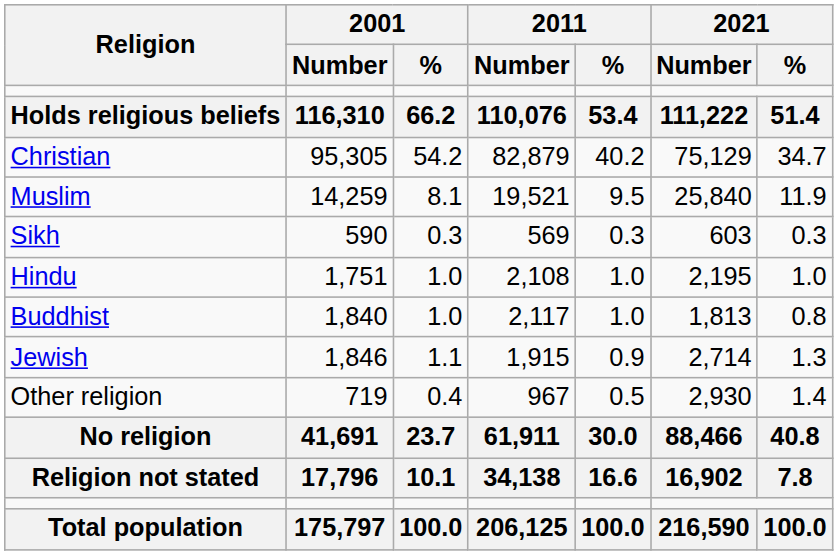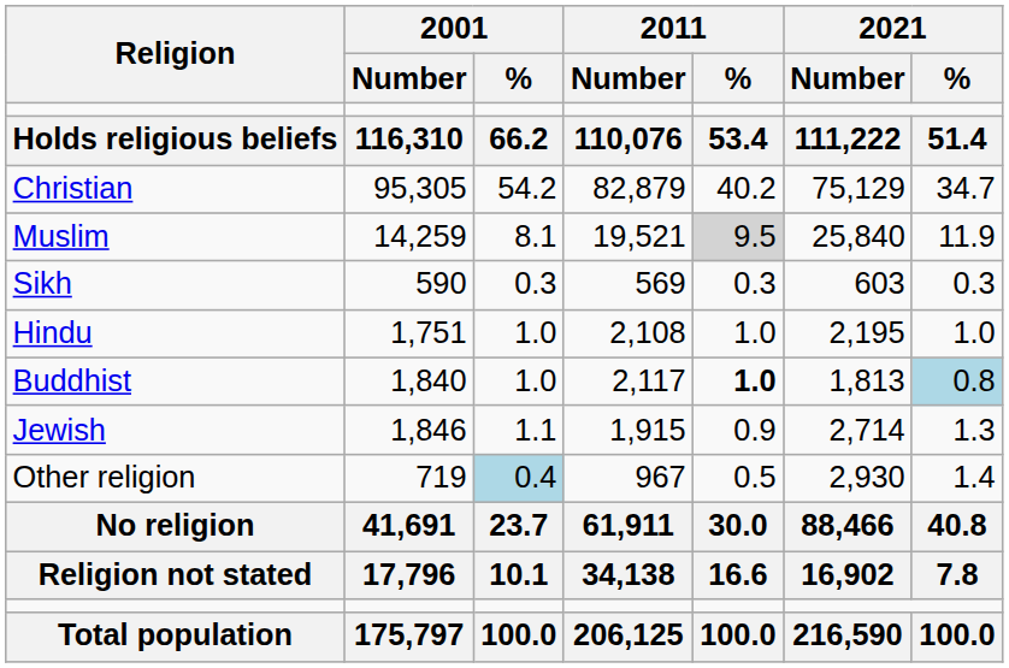 <table class="wikitable sortable mw-collapsible">
 <tr>
 <th rowspan="2">Religion</th>
 <th colspan="2">2001</th>
 <th colspan="2">2011</th>
 <th colspan="2">2021</th>
 </tr>
 <tr>
 <th>Number</th>
 <th>%</th>
 <th>Number</th>
 <th>%</th>
 <th>Number</th>
 <th>%</th>
 </tr>
 <tr>
 <td></td>
 <td></td>
 <td></td>
 <td></td>
 <td></td>
 </tr>
 <tr>
 <th>Holds religious beliefs</th>
 <th>116,310</th>
 <th>66.2</th>
 <th>110,076</th>
 <th>53.4</th>
 <th>111,222</th>
 <th>51.4</th>
 </tr>
 <tr>
 <td><a href='#'>Christian</a></td>
 <td align="right">95,305</td>
 <td align="right">54.2</td>
 <td align="right">82,879</td>
 <td align="right">40.2</td>
 <td align="right">75,129</td>
 <td align="right">34.7</td>
 </tr>
 <tr>
 <td><a href='#'>Muslim</a></td>
 <td align="right">14,259</td>
 <td align="right">8.1</td>
 <td align="right">19,521</td>
-<td align="right">9.5</td>
+<td align="right" style="background: lightgrey;">9.5</td>
 <td align="right">25,840</td>
 <td align="right">11.9</td>
 </tr>
 <tr>
 <td><a href='#'>Sikh</a></td>
 <td align="right">590</td>
 <td align="right">0.3</td>
 <td align="right">569</td>
 <td align="right">0.3</td>
 <td align="right">603</td>
 <td align="right">0.3</td>
 </tr>
 <tr>
 <td><a href='#'>Hindu</a></td>
 <td align="right">1,751</td>
 <td align="right">1.0</td>
 <td align="right">2,108</td>
 <td align="right">1.0</td>
 <td align="right">2,195</td>
 <td align="right">1.0</td>
 </tr>
 <tr>
 <td><a href='#'>Buddhist</a></td>
 <td align="right">1,840</td>
 <td align="right">1.0</td>
 <td align="right">2,117</td>
-<td align="right">1.0</td>
+<td align="right"><strong>1.0</strong></td>
 <td align="right">1,813</td>
-<td align="right">0.8</td>
+<td align="right" style="background: lightblue;">0.8</td>
 </tr>
 <tr>
 <td><a href='#'>Jewish</a></td>
 <td align="right">1,846</td>
 <td align="right">1.1</td>
 <td align="right">1,915</td>
 <td align="right">0.9</td>
 <td align="right">2,714</td>
 <td align="right">1.3</td>
 </tr>
 <tr>
 <td>Other religion</td>
 <td align="right">719</td>
-<td align="right">0.4</td>
+<td align="right" style="background: lightblue;">0.4</td>
 <td align="right">967</td>
 <td align="right">0.5</td>
 <td align="right">2,930</td>
 <td align="right">1.4</td>
 </tr>
 <tr>
 <th>No religion</th>
 <th align="right">41,691</th>
 <th align="right">23.7</th>
 <th align="right">61,911</th>
 <th align="right">30.0</th>
 <th align="right">88,466</th>
 <th align="right">40.8</th>
 </tr>
 <tr>
 <th>Religion not stated</th>
 <th align="right">17,796</th>
 <th align="right">10.1</th>
 <th align="right">34,138</th>
 <th align="right">16.6</th>
 <th align="right">16,902</th>
 <th align="right">7.8</th>
 </tr>
 <tr>
 <td></td>
 <td></td>
 <td></td>
 <td></td>
 <td></td>
 </tr>
 <tr>
 <th>Total population</th>
 <th align="right">175,797</th>
 <th align="right">100.0</th>
 <th align="right">206,125</th>
 <th align="right">100.0</th>
 <th align="right">216,590</th>
 <th align="right">100.0</th>
 </tr>
 </table>
